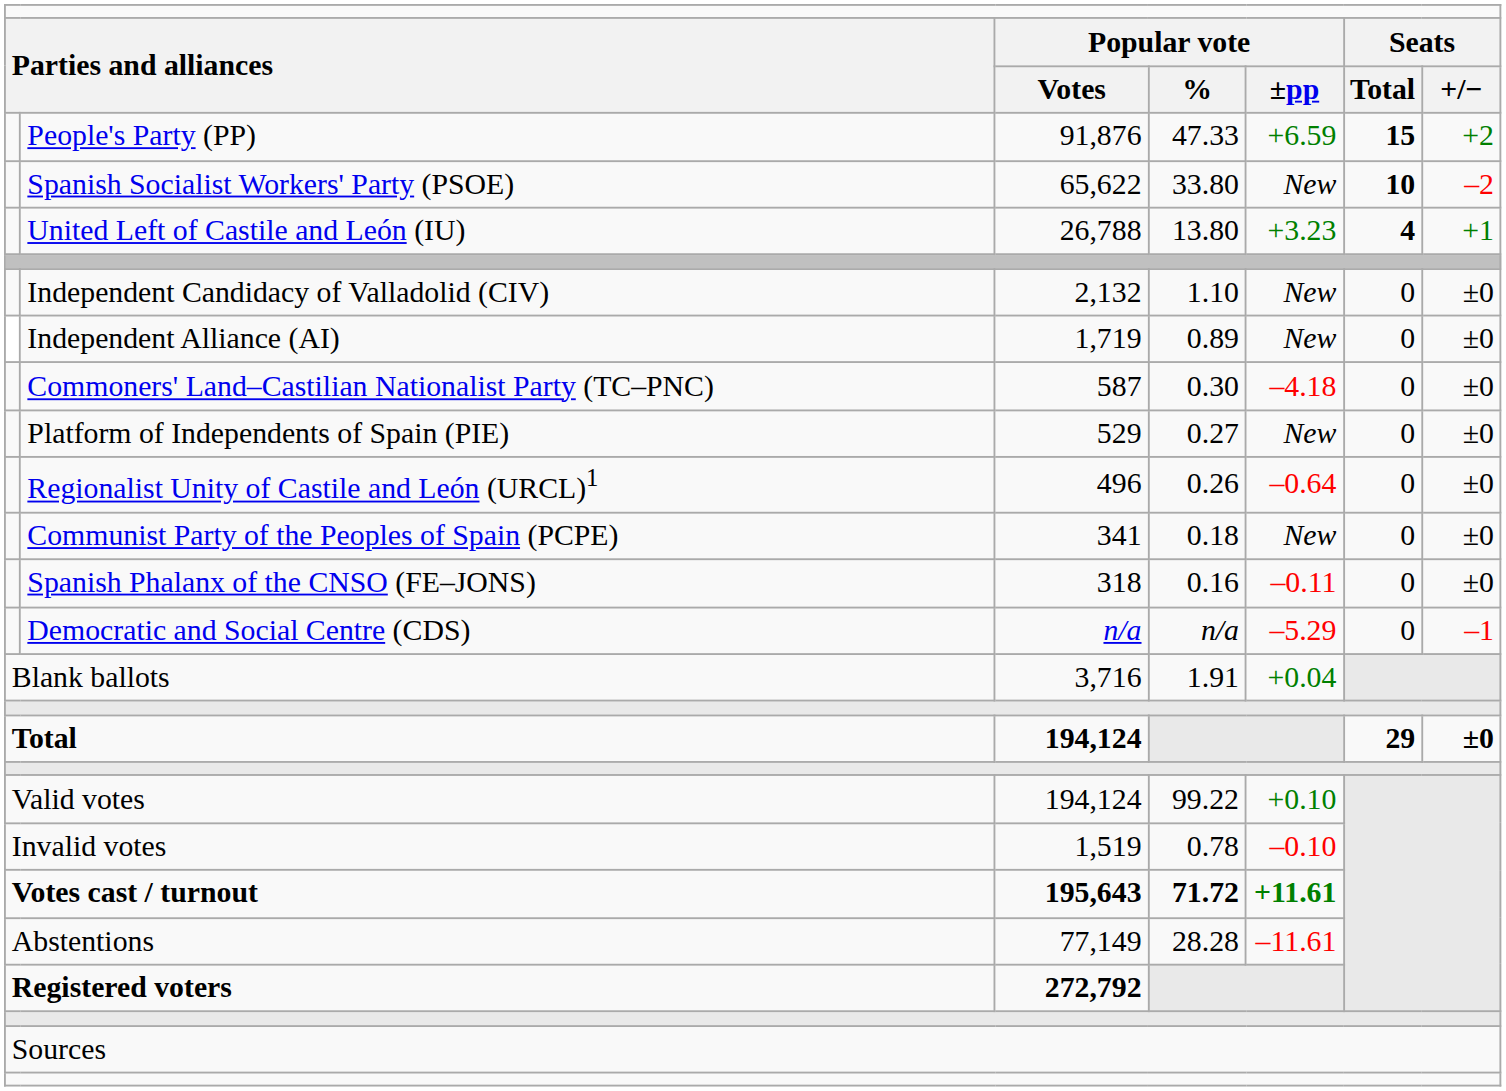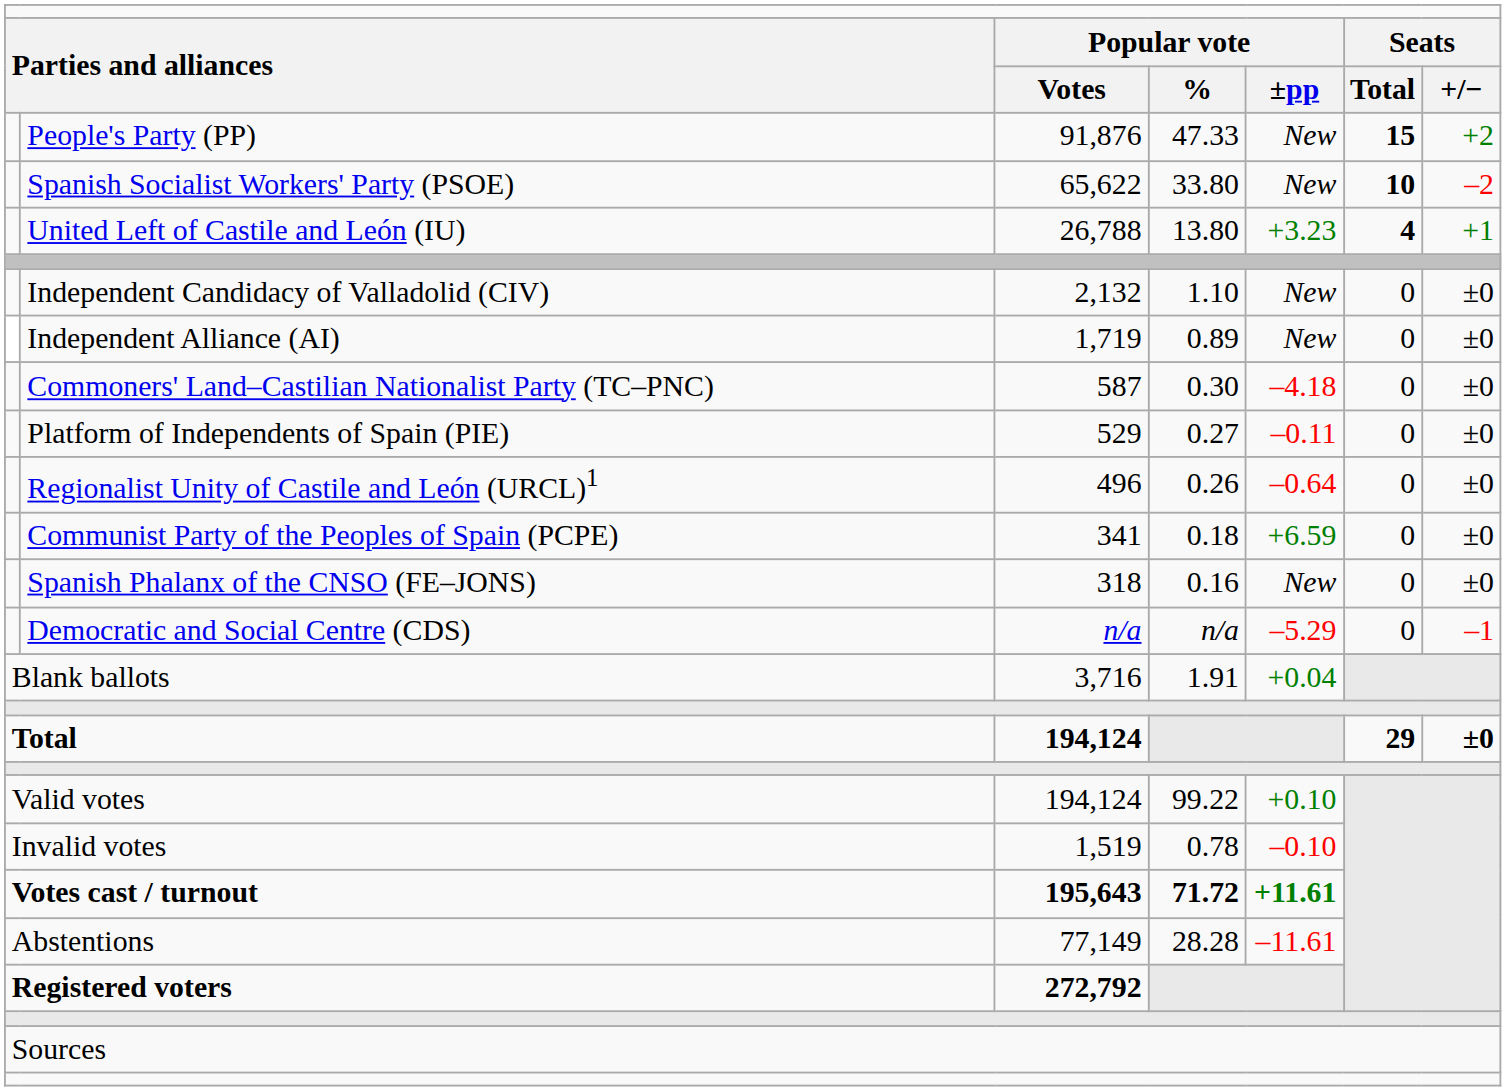 <table class="wikitable" style="text-align:right;">
 <tr>
 <td colspan="7"></td>
 </tr>
 <tr>
 <th style="text-align:left;" rowspan="2" colspan="2" width="525">Parties and alliances</th>
 <th colspan="3">Popular vote</th>
 <th colspan="2">Seats</th>
 </tr>
 <tr>
 <th width="75">Votes</th>
 <th width="45">%</th>
 <th width="45">±<a href='#'>pp</a></th>
 <th width="35">Total</th>
 <th width="35">+/−</th>
 </tr>
 <tr>
 <td width="1" style="color:inherit;background:"></td>
 <td align="left"><a href='#'>People's Party</a> (PP)</td>
 <td>91,876</td>
 <td>47.33</td>
-<td style="color:green;">+6.59</td>
+<td><em>New</em></td>
 <td><strong>15</strong></td>
 <td style="color:green;">+2</td>
 </tr>
 <tr>
 <td style="color:inherit;background:"></td>
 <td align="left"><a href='#'>Spanish Socialist Workers' Party</a> (PSOE)</td>
 <td>65,622</td>
 <td>33.80</td>
 <td><em>New</em></td>
 <td><strong>10</strong></td>
 <td style="color:red;">–2</td>
 </tr>
 <tr>
 <td style="color:inherit;background:"></td>
 <td align="left"><a href='#'>United Left of Castile and León</a> (IU)</td>
 <td>26,788</td>
 <td>13.80</td>
 <td style="color:green;">+3.23</td>
 <td><strong>4</strong></td>
 <td style="color:green;">+1</td>
 </tr>
 <tr>
 <td colspan="7" bgcolor="#C0C0C0"></td>
 </tr>
 <tr>
 <td style="color:inherit;background:"></td>
 <td align="left">Independent Candidacy of Valladolid (CIV)</td>
 <td>2,132</td>
 <td>1.10</td>
 <td><em>New</em></td>
 <td>0</td>
 <td>±0</td>
 </tr>
 <tr>
 <td bgcolor="white"></td>
 <td align="left">Independent Alliance (AI)</td>
 <td>1,719</td>
 <td>0.89</td>
 <td><em>New</em></td>
 <td>0</td>
 <td>±0</td>
 </tr>
 <tr>
 <td style="color:inherit;background:"></td>
 <td align="left"><a href='#'>Commoners' Land–Castilian Nationalist Party</a> (TC–PNC)</td>
 <td>587</td>
 <td>0.30</td>
 <td style="color:red;">–4.18</td>
 <td>0</td>
 <td>±0</td>
 </tr>
 <tr>
 <td style="color:inherit;background:"></td>
 <td align="left">Platform of Independents of Spain (PIE)</td>
 <td>529</td>
 <td>0.27</td>
-<td><em>New</em></td>
+<td style="color:red;">–0.11</td>
 <td>0</td>
 <td>±0</td>
 </tr>
 <tr>
 <td style="color:inherit;background:"></td>
 <td align="left"><a href='#'>Regionalist Unity of Castile and León</a> (URCL)<sup>1</sup></td>
 <td>496</td>
 <td>0.26</td>
 <td style="color:red;">–0.64</td>
 <td>0</td>
 <td>±0</td>
 </tr>
 <tr>
 <td style="color:inherit;background:"></td>
 <td align="left"><a href='#'>Communist Party of the Peoples of Spain</a> (PCPE)</td>
 <td>341</td>
 <td>0.18</td>
-<td><em>New</em></td>
+<td style="color:green;">+6.59</td>
 <td>0</td>
 <td>±0</td>
 </tr>
 <tr>
 <td style="color:inherit;background:"></td>
 <td align="left"><a href='#'>Spanish Phalanx of the CNSO</a> (FE–JONS)</td>
 <td>318</td>
 <td>0.16</td>
-<td style="color:red;">–0.11</td>
+<td><em>New</em></td>
 <td>0</td>
 <td>±0</td>
 </tr>
 <tr>
 <td style="color:inherit;background:"></td>
 <td align="left"><a href='#'>Democratic and Social Centre</a> (CDS)</td>
 <td><em><a href='#'>n/a</a></em></td>
 <td><em>n/a</em></td>
 <td style="color:red;">–5.29</td>
 <td>0</td>
 <td style="color:red;">–1</td>
 </tr>
 <tr>
 <td align="left" colspan="2">Blank ballots</td>
 <td>3,716</td>
 <td>1.91</td>
 <td style="color:green;">+0.04</td>
 <td bgcolor="#E9E9E9" colspan="2"></td>
 </tr>
 <tr>
 <td colspan="7" bgcolor="#E9E9E9"></td>
 </tr>
 <tr style="font-weight:bold;">
 <td align="left" colspan="2">Total</td>
 <td>194,124</td>
 <td bgcolor="#E9E9E9" colspan="2"></td>
 <td>29</td>
 <td>±0</td>
 </tr>
 <tr>
 <td colspan="7" bgcolor="#E9E9E9"></td>
 </tr>
 <tr>
 <td align="left" colspan="2">Valid votes</td>
 <td>194,124</td>
 <td>99.22</td>
 <td style="color:green;">+0.10</td>
 <td bgcolor="#E9E9E9" colspan="2" rowspan="5"></td>
 </tr>
 <tr>
 <td align="left" colspan="2">Invalid votes</td>
 <td>1,519</td>
 <td>0.78</td>
 <td style="color:red;">–0.10</td>
 </tr>
 <tr style="font-weight:bold;">
 <td align="left" colspan="2">Votes cast / turnout</td>
 <td>195,643</td>
 <td>71.72</td>
 <td style="color:green;">+11.61</td>
 </tr>
 <tr>
 <td align="left" colspan="2">Abstentions</td>
 <td>77,149</td>
 <td>28.28</td>
 <td style="color:red;">–11.61</td>
 </tr>
 <tr style="font-weight:bold;">
 <td align="left" colspan="2">Registered voters</td>
 <td>272,792</td>
 <td bgcolor="#E9E9E9" colspan="2"></td>
 </tr>
 <tr>
 <td colspan="7" bgcolor="#E9E9E9"></td>
 </tr>
 <tr>
 <td align="left" colspan="7">Sources</td>
 </tr>
 <tr>
 <td colspan="7" style="text-align:left; max-width:790px;"></td>
 </tr>
 </table>
